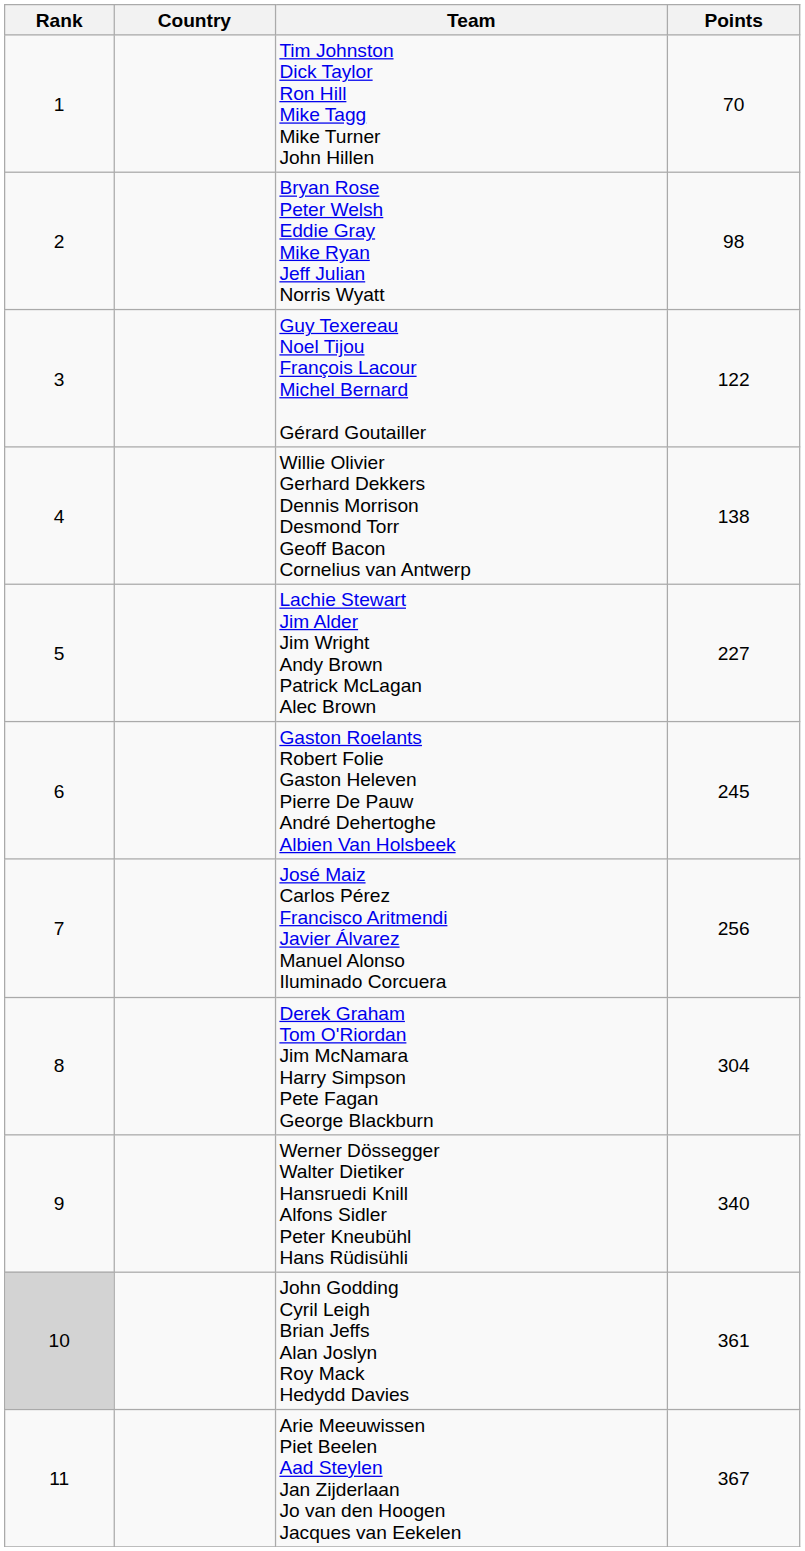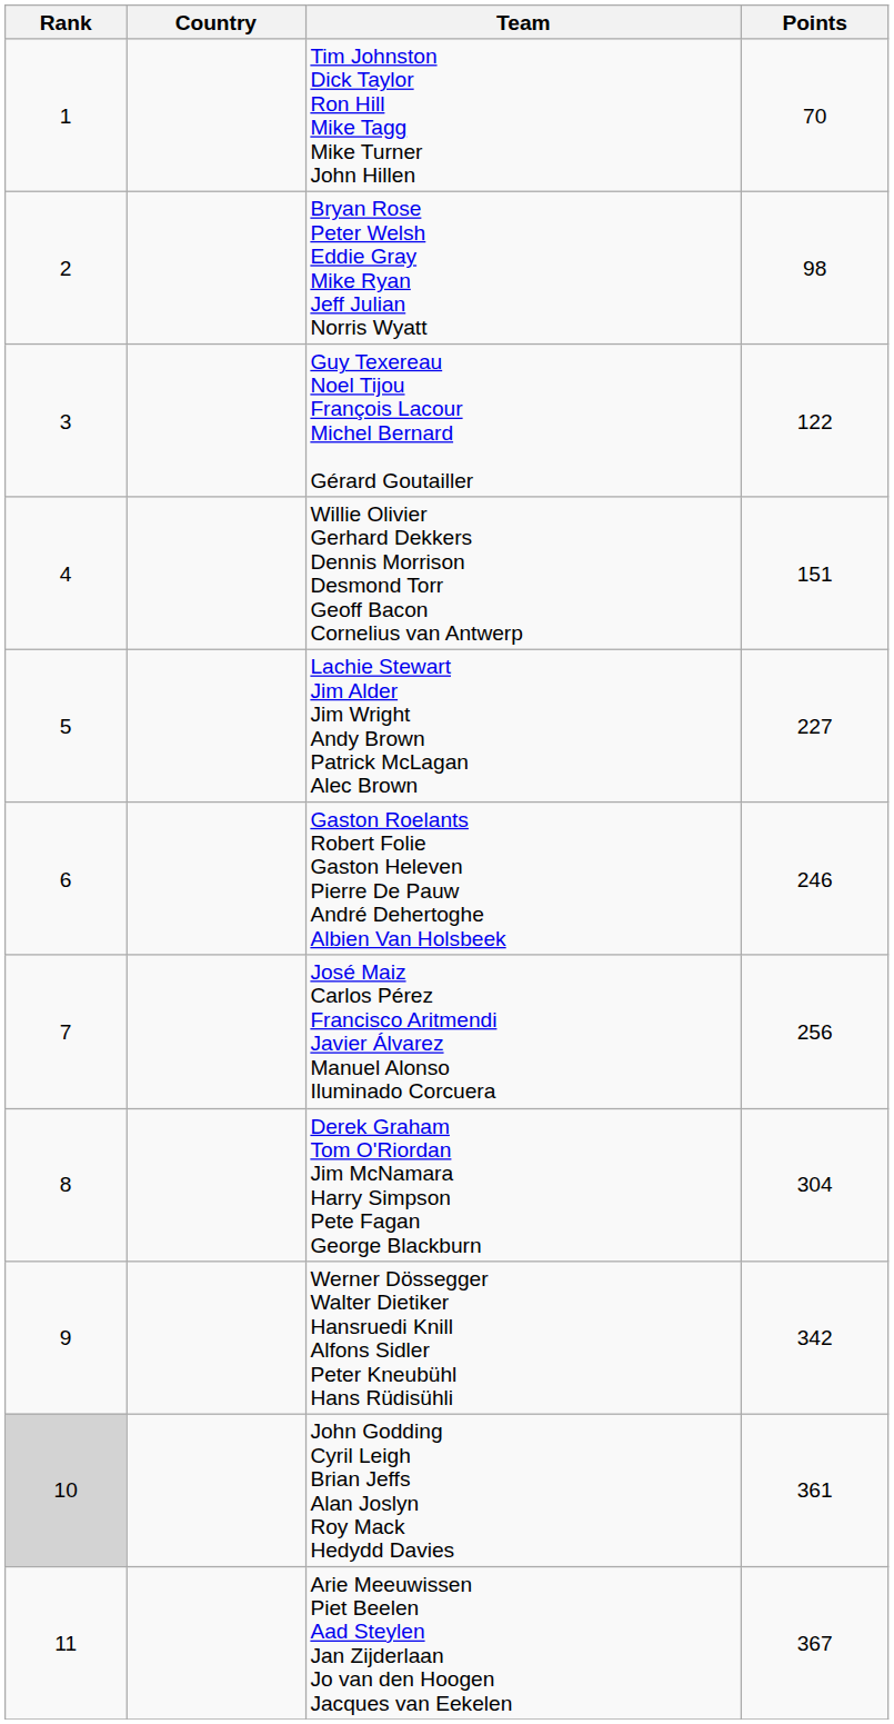 <table class="wikitable sortable" style=" text-align:center; font-size:95%;" width="50%">
 <tr>
 <th>Rank</th>
 <th>Country</th>
 <th>Team</th>
 <th>Points</th>
 </tr>
 <tr>
 <td align=center>1</td>
 <td align=left></td>
 <td align=left><a href='#'>Tim Johnston</a><br><a href='#'>Dick Taylor</a><br><a href='#'>Ron Hill</a><br><a href='#'>Mike Tagg</a><br>Mike Turner<br>John Hillen</td>
 <td>70</td>
 </tr>
 <tr>
 <td align=center>2</td>
 <td align=left></td>
 <td align=left><a href='#'>Bryan Rose</a><br><a href='#'>Peter Welsh</a><br><a href='#'>Eddie Gray</a><br><a href='#'>Mike Ryan</a><br><a href='#'>Jeff Julian</a><br>Norris Wyatt</td>
 <td>98</td>
 </tr>
 <tr>
 <td align=center>3</td>
 <td align=left></td>
 <td align=left><a href='#'>Guy Texereau</a><br><a href='#'>Noel Tijou</a><br><a href='#'>François Lacour</a><br><a href='#'>Michel Bernard</a><br><br>Gérard Goutailler</td>
 <td>122</td>
 </tr>
 <tr>
 <td align=center>4</td>
 <td align=left></td>
 <td align=left>Willie Olivier<br>Gerhard Dekkers<br>Dennis Morrison<br>Desmond Torr<br>Geoff Bacon<br>Cornelius van Antwerp</td>
-<td>138</td>
+<td>151</td>
 </tr>
 <tr>
 <td align=center>5</td>
 <td align=left></td>
 <td align=left><a href='#'>Lachie Stewart</a><br><a href='#'>Jim Alder</a><br>Jim Wright<br>Andy Brown<br>Patrick McLagan<br>Alec Brown</td>
 <td>227</td>
 </tr>
 <tr>
 <td align=center>6</td>
 <td align=left></td>
 <td align=left><a href='#'>Gaston Roelants</a><br>Robert Folie<br>Gaston Heleven<br>Pierre De Pauw<br>André Dehertoghe<br><a href='#'>Albien Van Holsbeek</a></td>
-<td>245</td>
+<td>246</td>
 </tr>
 <tr>
 <td align=center>7</td>
 <td align=left></td>
 <td align=left><a href='#'>José Maiz</a><br>Carlos Pérez<br><a href='#'>Francisco Aritmendi</a><br><a href='#'>Javier Álvarez</a><br>Manuel Alonso<br>Iluminado Corcuera</td>
 <td>256</td>
 </tr>
 <tr>
 <td align=center>8</td>
 <td align=left></td>
 <td align=left><a href='#'>Derek Graham</a><br><a href='#'>Tom O'Riordan</a><br>Jim McNamara<br>Harry Simpson<br>Pete Fagan<br>George Blackburn</td>
 <td>304</td>
 </tr>
 <tr>
 <td align=center>9</td>
 <td align=left></td>
 <td align=left>Werner Dössegger<br>Walter Dietiker<br>Hansruedi Knill<br>Alfons Sidler<br>Peter Kneubühl<br>Hans Rüdisühli</td>
-<td>340</td>
+<td>342</td>
 </tr>
 <tr>
 <td align=center style="background: lightgrey;">10</td>
 <td align=left></td>
 <td align=left>John Godding<br>Cyril Leigh<br>Brian Jeffs<br>Alan Joslyn<br>Roy Mack<br>Hedydd Davies</td>
 <td>361</td>
 </tr>
 <tr>
 <td align=center>11</td>
 <td align=left></td>
 <td align=left>Arie Meeuwissen<br>Piet Beelen<br><a href='#'>Aad Steylen</a><br>Jan Zijderlaan<br>Jo van den Hoogen<br>Jacques van Eekelen</td>
 <td>367</td>
 </tr>
 </table>
